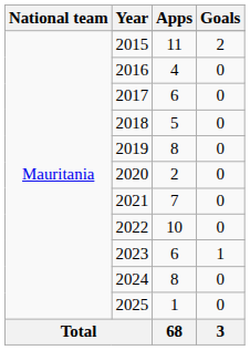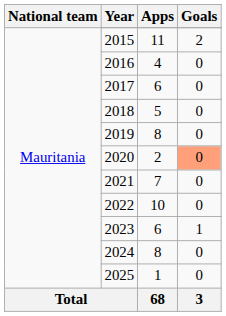 <table class="wikitable" style="text-align:center">
 <tr>
 <th>National team</th>
 <th>Year</th>
 <th>Apps</th>
 <th>Goals</th>
 </tr>
 <tr>
 <td rowspan="12"><a href='#'>Mauritania</a></td>
 </tr>
 <tr>
 <td>2015</td>
 <td>11</td>
 <td>2</td>
 </tr>
 <tr>
 <td>2016</td>
 <td>4</td>
 <td>0</td>
 </tr>
 <tr>
 <td>2017</td>
 <td>6</td>
 <td>0</td>
 </tr>
 <tr>
 <td>2018</td>
 <td>5</td>
 <td>0</td>
 </tr>
 <tr>
 <td>2019</td>
 <td>8</td>
 <td>0</td>
 </tr>
 <tr>
 <td>2020</td>
 <td>2</td>
-<td>0</td>
+<td style="background: lightsalmon;">0</td>
 </tr>
 <tr>
 <td>2021</td>
 <td>7</td>
 <td>0</td>
 </tr>
 <tr>
 <td>2022</td>
 <td>10</td>
 <td>0</td>
 </tr>
 <tr>
 <td>2023</td>
 <td>6</td>
 <td>1</td>
 </tr>
 <tr>
 <td>2024</td>
 <td>8</td>
 <td>0</td>
 </tr>
 <tr>
 <td>2025</td>
 <td>1</td>
 <td>0</td>
 </tr>
 <tr>
 <th colspan=2>Total</th>
 <th>68</th>
 <th>3</th>
 </tr>
 </table>
